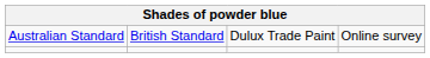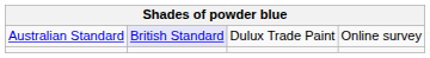 <table class="wikitable" style="text-align: center;padding:0">
 <tr>
 <th colspan=4>Shades of powder blue</th>
 </tr>
 <tr>
 <td><a href='#'>Australian Standard</a></td>
-<td><a href='#'>British Standard</a></td>
+<td style="background: lavender;"><a href='#'>British Standard</a></td>
 <td>Dulux Trade Paint</td>
 <td>Online survey</td>
 </tr>
 <tr>
 <td></td>
 <td></td>
 <td></td>
 <td></td>
 </tr>
 </table>
